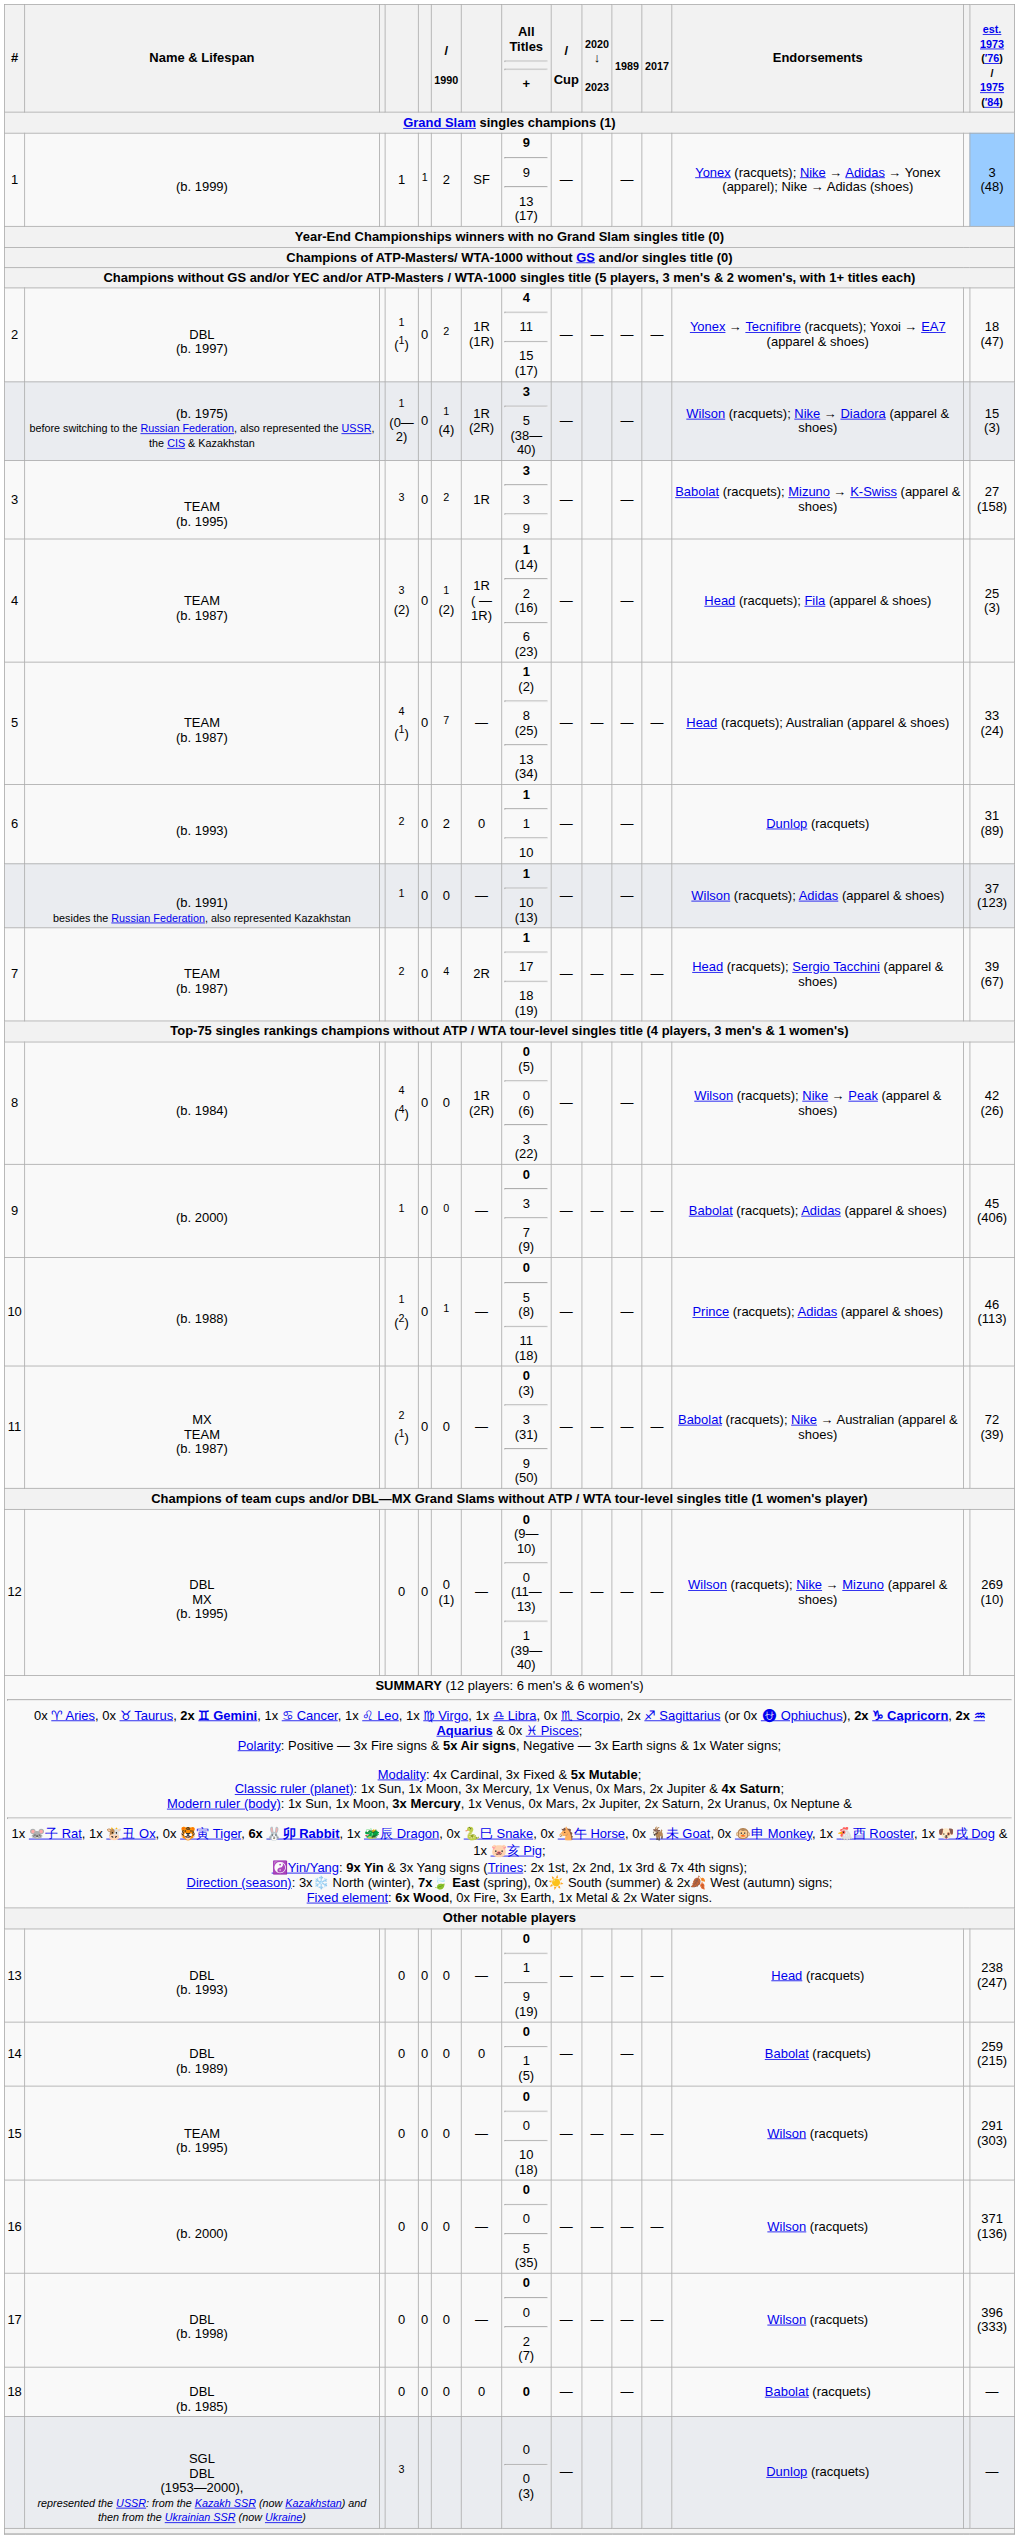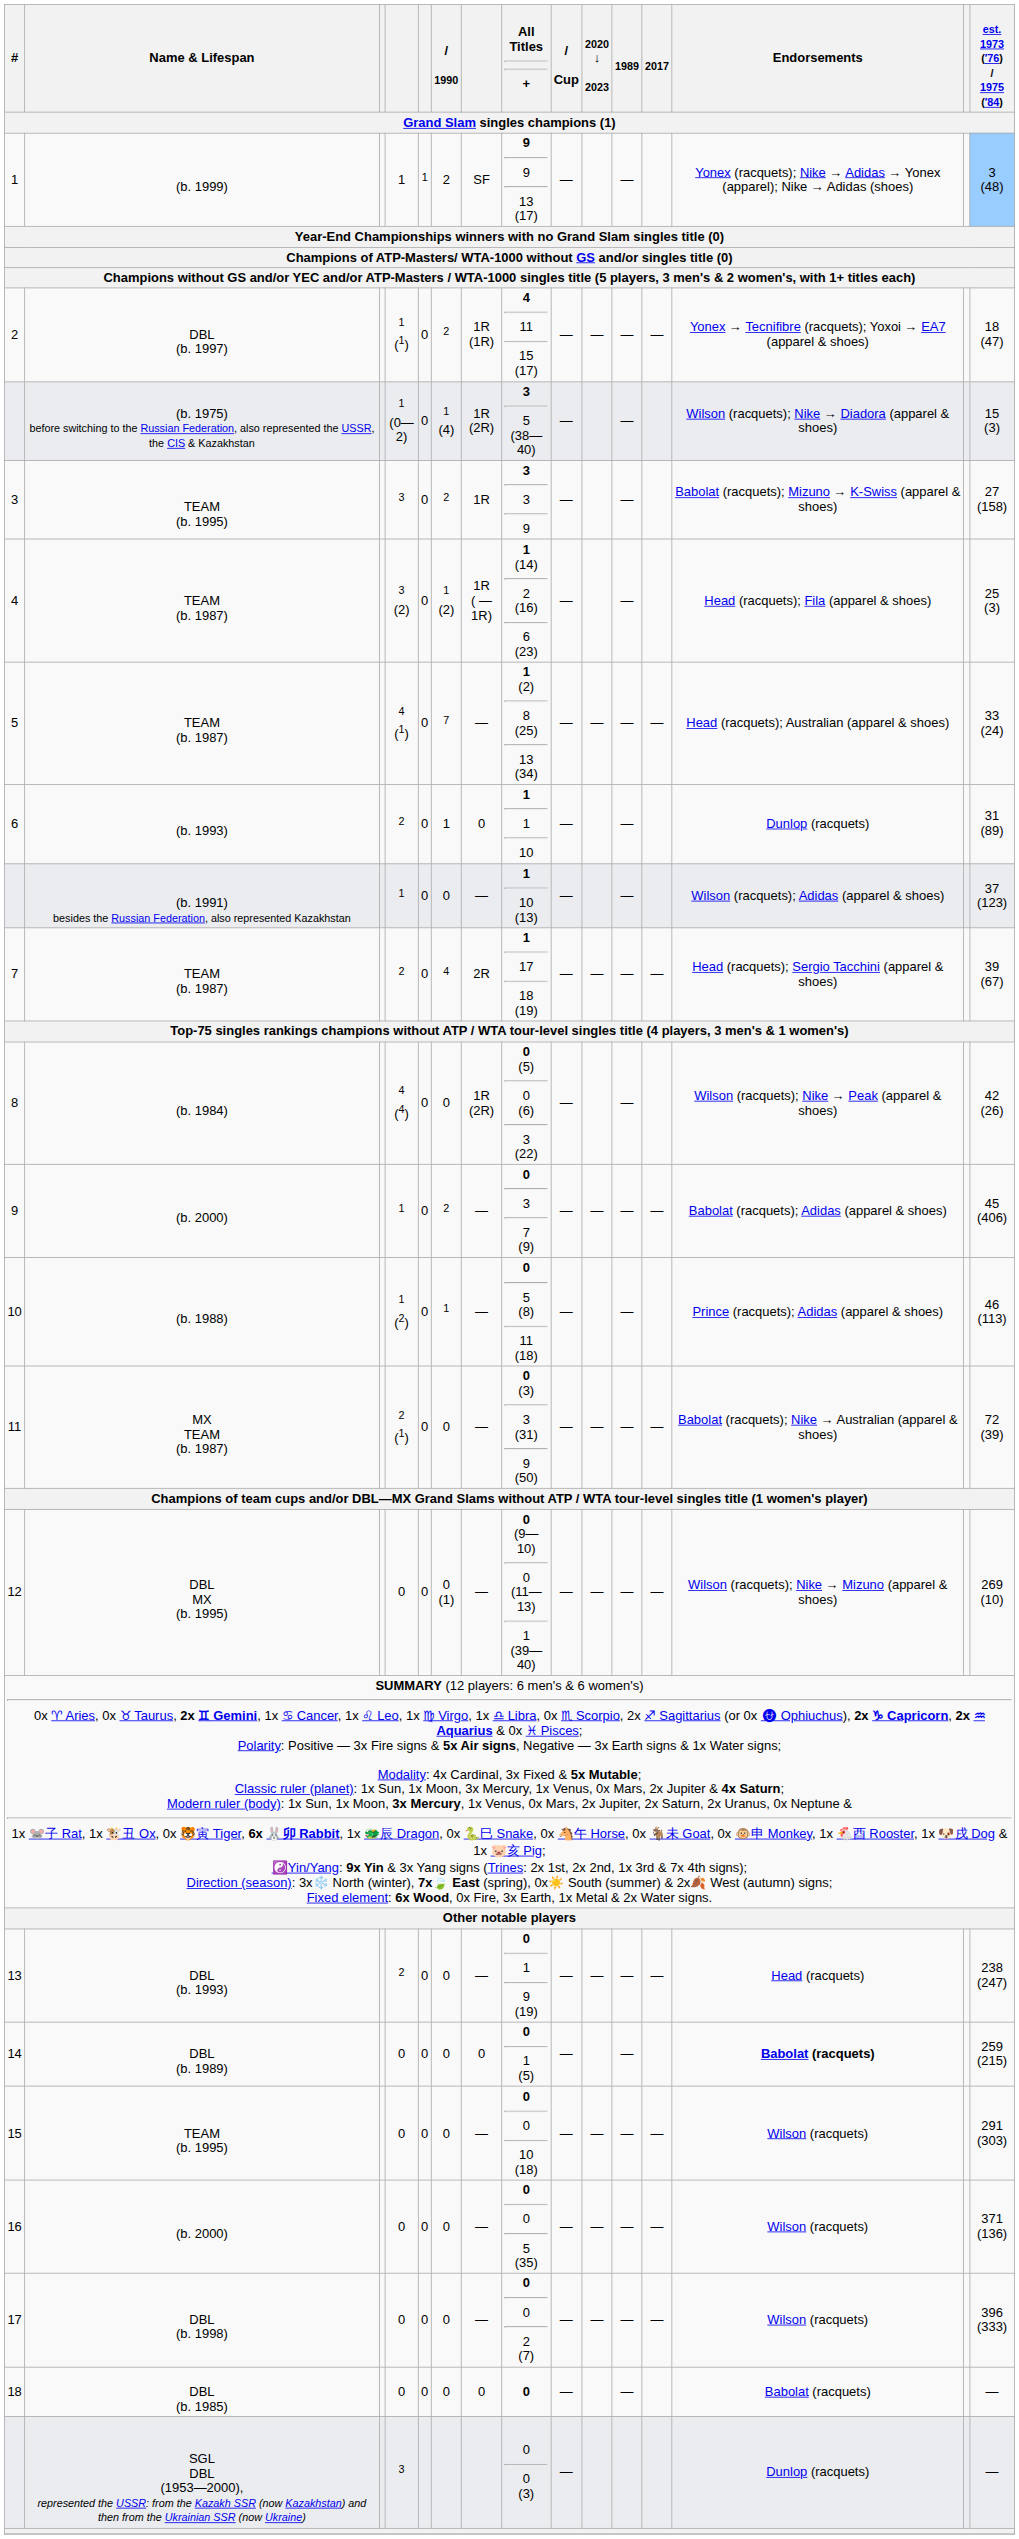 <table class="wikitable sortable" style=text-align:center;>
 <tr>
 <th>#</th>
 <th>Name & Lifespan</th>
 <th></th>
 <th></th>
 <th></th>
 <th><br>/<br><small><a href='#'></a><br> 1990</small></th>
 <th></th>
 <th>All<br>Titles<hr><hr>+ </th>
 <th><br>/<br><br>Cup</th>
 <th><a href='#'></a><br><small> 2020</small><br>↓<br><a href='#'></a><br><small> 2023</small></th>
 <th><a href='#'></a><br><small> 1989<br></small></th>
 <th><a href='#'></a><br><small> 2017<br></small></th>
 <th>Endorsements</th>
 <th><a href='#'></a></th>
 <th><br><small><a href='#'>est. 1973</a><br>(<a href='#'>′76</a>)<br>/<br><a href='#'>1975</a><br>(<a href='#'>′84</a>)</small></th>
 </tr>
 <tr>
 <th class="unsortable" colspan="15"><a href='#'>Grand Slam</a> singles champions (1)</th>
 </tr>
 <tr>
 <td>1</td>
 <td><strong></strong><br>(b. 1999)</td>
 <td> </td>
 <td>1</td>
 <td><sup>1</sup></td>
 <td>2</td>
 <td>SF</td>
 <td><strong>9</strong><hr>9<hr>13<br>(17)</td>
 <td>—</td>
 <td></td>
 <td>—</td>
 <td></td>
 <td><a href='#'>Yonex</a> (racquets); <a href='#'>Nike</a> → <a href='#'>Adidas</a>  → Yonex (apparel);  Nike → Adidas (shoes)</td>
 <td></td>
 <td bgcolor=99ccff>3<br>(48)</td>
 </tr>
 <tr>
 <th class="unsortable" colspan="15">Year-End Championships winners with no Grand Slam singles title (0)</th>
 </tr>
 <tr>
 <th class="unsortable" colspan="15">Champions of ATP-Masters/ WTA-1000 without <a href='#'>GS</a> and/or  singles title (0)</th>
 </tr>
 <tr>
 <th class="unsortable" colspan="15">Champions without GS and/or YEC and/or ATP-Masters / WTA-1000 singles title (5 players, 3 men's & 2 women's, with 1+ titles each)</th>
 </tr>
 <tr>
 <td>2</td>
 <td><strong></strong><br>DBL <br>(b. 1997)</td>
 <td> </td>
 <td><sup>1</sup><br>(<sup>1</sup>)</td>
 <td>0</td>
 <td><sup>2</sup></td>
 <td>1R<br>(1R)</td>
 <td><strong>4</strong><hr>11<hr>15<br>(17)</td>
 <td>—</td>
 <td>—</td>
 <td>—</td>
 <td>—</td>
 <td><a href='#'>Yonex</a> → <a href='#'>Tecnifibre</a> (racquets);  Yoxoi → <a href='#'>EA7</a> (apparel & shoes)</td>
 <td></td>
 <td>18<br>(47)</td>
 </tr>
 <tr>
 <td class="unsortable" bgcolor=#EAECF0></td>
 <td bgcolor=#EAECF0><em></em><br>(b. 1975)<br><small>before switching to the <a href='#'>Russian Federation</a>, also represented the <a href='#'>USSR</a>, the <a href='#'>CIS</a> & Kazakhstan</small></td>
 <td bgcolor=#EAECF0> </td>
 <td bgcolor=#EAECF0><sup>1</sup><br>(0—2)</td>
 <td bgcolor=#EAECF0>0</td>
 <td bgcolor=#EAECF0><sup>1</sup><br>(4)</td>
 <td bgcolor=#EAECF0>1R<br>(2R)</td>
 <td bgcolor=#EAECF0><strong>3</strong><br><hr>5<br>(38—40)</td>
 <td bgcolor=#EAECF0>—</td>
 <td bgcolor=#EAECF0></td>
 <td bgcolor=#EAECF0>—</td>
 <td bgcolor=#EAECF0></td>
 <td bgcolor=#EAECF0><a href='#'>Wilson</a> (racquets); <a href='#'>Nike</a> → <a href='#'>Diadora</a> (apparel & shoes)</td>
 <td bgcolor=#EAECF0></td>
 <td bgcolor=#EAECF0>15<br>(3)</td>
 </tr>
 <tr>
 <td>3</td>
 <td><strong></strong><br><br>TEAM <br>(b. 1995)</td>
 <td> </td>
 <td><sup>3</sup></td>
 <td>0</td>
 <td><sup>2</sup></td>
 <td>1R</td>
 <td><strong>3</strong><hr>3<hr>9</td>
 <td>—</td>
 <td></td>
 <td>—</td>
 <td></td>
 <td><a href='#'>Babolat</a> (racquets);  <a href='#'>Mizuno</a> → <a href='#'>K-Swiss</a> (apparel & shoes)</td>
 <td></td>
 <td>27<br>(158)</td>
 </tr>
 <tr>
 <td>4</td>
 <td><br>TEAM <br>(b. 1987)</td>
 <td> </td>
 <td><sup>3</sup><br>(2)</td>
 <td>0</td>
 <td><sup>1</sup><br>(2)</td>
 <td>1R<br>( —1R)</td>
 <td><strong>1</strong> <br>(14)<hr>2<br>(16)<hr>6<br>(23)</td>
 <td>—</td>
 <td></td>
 <td>—</td>
 <td></td>
 <td><a href='#'>Head</a> (racquets); <a href='#'>Fila</a> (apparel & shoes)</td>
 <td></td>
 <td>25<br>(3)</td>
 </tr>
 <tr>
 <td>5</td>
 <td><strong></strong><br>TEAM <br>(b. 1987)<br></td>
 <td> </td>
 <td><sup>4</sup><br>(<sup>1</sup>)</td>
 <td>0</td>
 <td><sup>7</sup></td>
 <td>—<br></td>
 <td><strong>1</strong> <br>(2)<hr>8<br>(25)<hr>13<br>(34)</td>
 <td>—</td>
 <td>—</td>
 <td>—</td>
 <td>—</td>
 <td><a href='#'>Head</a> (racquets);  Australian (apparel & shoes)</td>
 <td></td>
 <td>33<br>(24)</td>
 </tr>
 <tr>
 <td>6</td>
 <td><strong></strong><br>(b. 1993)</td>
 <td> </td>
 <td><sup>2</sup></td>
 <td>0</td>
-<td>2</td>
+<td>1</td>
 <td>0</td>
 <td><strong>1</strong><hr>1<hr>10</td>
 <td>—</td>
 <td></td>
 <td>—</td>
 <td></td>
 <td><a href='#'>Dunlop</a> (racquets)</td>
 <td></td>
 <td>31<br>(89)</td>
 </tr>
 <tr>
 <td class="unsortable" bgcolor=#EAECF0></td>
 <td bgcolor=#EAECF0><em></em><br><br>(b. 1991)<br><small>besides the <a href='#'>Russian Federation</a>, also represented Kazakhstan</small></td>
 <td bgcolor=#EAECF0> </td>
 <td bgcolor=#EAECF0><sup>1</sup></td>
 <td bgcolor=#EAECF0>0</td>
 <td bgcolor=#EAECF0>0</td>
 <td bgcolor=#EAECF0>—</td>
 <td bgcolor=#EAECF0><strong>1</strong><hr>10<br>(13)</td>
 <td bgcolor=#EAECF0>—</td>
 <td bgcolor=#EAECF0></td>
 <td bgcolor=#EAECF0>—</td>
 <td bgcolor=#EAECF0></td>
 <td bgcolor=#EAECF0><a href='#'>Wilson</a> (racquets); <a href='#'>Adidas</a> (apparel & shoes)</td>
 <td bgcolor=#EAECF0></td>
 <td bgcolor=#EAECF0>37<br>(123)</td>
 </tr>
 <tr>
 <td>7</td>
 <td><strong></strong><br>TEAM <br>(b. 1987)</td>
 <td> </td>
 <td><sup>2</sup></td>
 <td>0</td>
 <td><sup>4</sup></td>
 <td>2R</td>
 <td><strong>1</strong><hr>17<hr>18<br>(19)</td>
 <td>—</td>
 <td>—</td>
 <td>—</td>
 <td>—</td>
 <td><a href='#'>Head</a> (racquets);  <a href='#'>Sergio Tacchini</a> (apparel & shoes)</td>
 <td></td>
 <td>39<br>(67)</td>
 </tr>
 <tr>
 <th class="unsortable" colspan="15">Top-75 singles rankings champions without ATP / WTA tour-level singles title (4 players, 3 men's & 1 women's)</th>
 </tr>
 <tr>
 <td>8</td>
 <td><br>(b. 1984)</td>
 <td> </td>
 <td><sup>4</sup><br>(<sup>4</sup>)</td>
 <td>0</td>
 <td>0</td>
 <td>1R<br>(2R)</td>
 <td><strong>0</strong> <br>(5)<hr>0<br>(6)<hr>3<br>(22)</td>
 <td>—</td>
 <td></td>
 <td>—</td>
 <td></td>
 <td><a href='#'>Wilson</a> (racquets); <a href='#'>Nike</a>  → <a href='#'>Peak</a> (apparel & shoes)</td>
 <td></td>
 <td>42<br>(26)</td>
 </tr>
 <tr>
 <td>9</td>
 <td><strong></strong><br>(b. 2000)</td>
 <td> </td>
 <td><sup>1</sup></td>
 <td>0</td>
-<td><sup>0</sup></td>
+<td><sup>2</sup></td>
 <td>—</td>
 <td><strong>0</strong><hr>3<hr>7<br>(9)</td>
 <td>—</td>
 <td>—</td>
 <td>—</td>
 <td>—</td>
 <td><a href='#'>Babolat</a> (racquets); <a href='#'>Adidas</a>  (apparel & shoes)</td>
 <td></td>
 <td>45<br>(406)</td>
 </tr>
 <tr>
 <td>10</td>
 <td><br>(b. 1988)</td>
 <td> </td>
 <td><sup>1</sup><br>(<sup>2</sup>)</td>
 <td>0</td>
 <td><sup>1</sup></td>
 <td>—</td>
 <td><strong>0</strong><hr>5<br>(8)<hr>11<br>(18)</td>
 <td>—</td>
 <td></td>
 <td>—</td>
 <td></td>
 <td><a href='#'>Prince</a> (racquets); <a href='#'>Adidas</a> (apparel & shoes)</td>
 <td></td>
 <td>46<br>(113)</td>
 </tr>
 <tr>
 <td>11</td>
 <td><strong></strong><br>MX <br>TEAM <br>(b. 1987)</td>
 <td> </td>
 <td><sup>2</sup><br>(<sup>1</sup>)</td>
 <td>0</td>
 <td>0</td>
 <td>—</td>
 <td><strong>0</strong><br>(3)<hr>3<br>(31)<hr>9<br>(50)</td>
 <td>—</td>
 <td>—</td>
 <td>—</td>
 <td>—</td>
 <td><a href='#'>Babolat</a> (racquets);  <a href='#'>Nike</a>  → Australian  (apparel & shoes)</td>
 <td></td>
 <td>72<br>(39)</td>
 </tr>
 <tr>
 <th class="unsortable" colspan="15">Champions of team cups and/or DBL—MX Grand Slams without ATP / WTA tour-level singles title (1 women's player)</th>
 </tr>
 <tr>
 <td>12</td>
 <td><strong></strong><br>DBL <br>MX <br>(b. 1995)</td>
 <td> </td>
 <td>0<br></td>
 <td>0</td>
 <td>0<br>(1)</td>
 <td>—</td>
 <td><strong>0</strong><br>(9—10)<hr>0<br>(11—13)<hr>1<br>(39—40)</td>
 <td>—</td>
 <td>—</td>
 <td>—</td>
 <td>—</td>
 <td><a href='#'>Wilson</a> (racquets);  <a href='#'>Nike</a> → <a href='#'>Mizuno</a> (apparel & shoes)</td>
 <td></td>
 <td>269<br>(10)</td>
 </tr>
 <tr>
 <td class="unsortable" colspan="15"><strong>SUMMARY</strong> (12 players: 6 men's & 6 women's)<hr> 0x <a href='#'>♈︎ Aries</a>, 0x <a href='#'>♉︎ Taurus</a>, <strong>2x <a href='#'>♊︎ Gemini</a></strong>, 1x <a href='#'>♋︎ Cancer</a>, 1x <a href='#'>♌︎ Leo</a>, 1x <a href='#'>♍︎ Virgo</a>, 1x <a href='#'>♎︎ Libra</a>, 0x <a href='#'>♏︎ Scorpio</a>, 2x <a href='#'>♐︎ Sagittarius</a> (or 0x <a href='#'>⛎︎ Ophiuchus</a>), <strong>2x <a href='#'>♑︎ Capricorn</a></strong>, <strong>2x <a href='#'>♒︎ Aquarius</a></strong> & 0x <a href='#'>♓︎ Pisces</a>;<br> <a href='#'>Polarity</a>:  Positive — 3x  Fire signs & <strong>5x  Air signs</strong>, Negative — 3x   Earth signs & 1x  Water signs;<br><br><a href='#'>Modality</a>: 4x  Cardinal, 3x  Fixed & <strong>5x  Mutable</strong>;<br> <a href='#'>Classic ruler (planet)</a>: 1x Sun, 1x Moon, 3x Mercury, 1x Venus, 0x Mars, 2x Jupiter & <strong>4x Saturn</strong>;<br> <a href='#'>Modern ruler (body)</a>: 1x Sun, 1x Moon, <strong>3x Mercury</strong>, 1x Venus, 0x Mars, 2x Jupiter, 2x Saturn, 2x Uranus, 0x Neptune &  <hr> 1x <a href='#'>🐭子 Rat</a>, 1x <a href='#'>🐮丑 Ox</a>, 0x <a href='#'>🐯寅 Tiger</a>, <strong>6x <a href='#'>🐰卯 Rabbit</a></strong>, 1x <a href='#'>🐲辰 Dragon</a>, 0x <a href='#'>🐍巳 Snake</a>, 0x <a href='#'>🐴午 Horse</a>, 0x <a href='#'>🐐未 Goat</a>,  0x <a href='#'>🐵申 Monkey</a>, 1x <a href='#'>🐔酉 Rooster</a>, 1x <a href='#'>🐶戌 Dog</a> & 1x <a href='#'>🐷亥 Pig</a>;<br> <a href='#'>☯️Yin/Yang</a>: <strong>9x Yin</strong> & 3x Yang signs (<a href='#'>Trines</a>: 2x 1st, 2x 2nd, 1x 3rd & 7x 4th signs);<br> <a href='#'>Direction (season)</a>: 3x❄️ North (winter), <strong>7x🍃 East</strong> (spring), 0x☀️ South (summer) & 2x🍂 West (autumn) signs;<br> <a href='#'>Fixed element</a>: <strong>6x Wood</strong>, 0x Fire, 3x Earth, 1x Metal & 2x Water signs.</td>
 </tr>
 <tr>
 <th class="unsortable" colspan="15">Other notable players</th>
 </tr>
 <tr>
 <td>13</td>
 <td><strong></strong><br>DBL <br>(b. 1993)</td>
 <td> </td>
-<td>0</td>
+<td><sup>2</sup></td>
 <td>0</td>
 <td>0</td>
 <td>—</td>
 <td><strong>0</strong><hr>1<hr>9<br>(19)</td>
 <td>—</td>
 <td>—</td>
 <td>—</td>
 <td>—</td>
 <td><a href='#'>Head</a> (racquets)</td>
 <td></td>
 <td>238<br>(247)</td>
 </tr>
 <tr>
 <td>14</td>
 <td><br>DBL <br>(b. 1989)</td>
 <td> </td>
 <td>0</td>
 <td>0</td>
 <td>0</td>
 <td>0</td>
 <td><strong>0</strong><hr>1<br>(5)</td>
 <td>—</td>
 <td></td>
 <td>—</td>
 <td></td>
-<td><a href='#'>Babolat</a> (racquets)</td>
+<td><strong><a href='#'>Babolat</a> (racquets)</strong></td>
 <td></td>
 <td>259<br>(215)</td>
 </tr>
 <tr>
 <td>15</td>
 <td><br>TEAM <br>(b. 1995)</td>
 <td> </td>
 <td>0</td>
 <td>0</td>
 <td>0</td>
 <td>—</td>
 <td><strong>0</strong><hr>0<hr>10<br>(18)</td>
 <td>—</td>
 <td>—</td>
 <td>—</td>
 <td>—</td>
 <td><a href='#'>Wilson</a> (racquets)</td>
 <td></td>
 <td>291<br>(303)</td>
 </tr>
 <tr>
 <td>16</td>
 <td><strong></strong><br>(b. 2000)</td>
 <td> </td>
 <td>0</td>
 <td>0</td>
 <td>0</td>
 <td>—</td>
 <td><strong>0</strong><hr>0<hr>5<br>(35)</td>
 <td>—</td>
 <td>—</td>
 <td>—</td>
 <td>—</td>
 <td><a href='#'>Wilson</a> (racquets)</td>
 <td></td>
 <td>371<br>(136)</td>
 </tr>
 <tr>
 <td>17</td>
 <td><strong></strong><br>DBL <br>(b. 1998)</td>
 <td> </td>
 <td>0</td>
 <td>0</td>
 <td>0</td>
 <td>—</td>
 <td><strong>0</strong><hr>0<hr>2<br>(7)</td>
 <td>—</td>
 <td>—</td>
 <td>—</td>
 <td>—</td>
 <td><a href='#'>Wilson</a> (racquets)</td>
 <td></td>
 <td>396<br>(333)</td>
 </tr>
 <tr>
 <td>18</td>
 <td><br>DBL <br>(b. 1985)</td>
 <td> </td>
 <td>0</td>
 <td>0</td>
 <td>0</td>
 <td>0</td>
 <td><strong>0</strong></td>
 <td>—</td>
 <td></td>
 <td>—</td>
 <td></td>
 <td><a href='#'>Babolat</a> (racquets)</td>
 <td></td>
 <td>—</td>
 </tr>
 <tr>
 <td class="unsortable" bgcolor=#EAECF0></td>
 <td bgcolor=#EAECF0><em></em><br><sup> </sup><br>SGL <br>DBL <br>(1953—2000),<br><small><em>represented the <a href='#'>USSR</a>: from the <a href='#'>Kazakh SSR</a> (now <a href='#'>Kazakhstan</a>) and then from the <a href='#'>Ukrainian SSR</a> (now <a href='#'>Ukraine</a>)</em></small></td>
 <td bgcolor=#EAECF0> </td>
 <td bgcolor=#EAECF0><sup>3</sup></td>
 <td bgcolor=#EAECF0></td>
 <td bgcolor=#EAECF0></td>
 <td bgcolor=#EAECF0></td>
 <td bgcolor=#EAECF0>0<hr>0<br>(3)</td>
 <td bgcolor=#EAECF0>—</td>
 <td bgcolor=#EAECF0></td>
 <td bgcolor=#EAECF0></td>
 <td bgcolor=#EAECF0></td>
 <td bgcolor=#EAECF0><a href='#'>Dunlop</a> (racquets)</td>
 <td bgcolor=#EAECF0></td>
 <td bgcolor=#EAECF0>—</td>
 </tr>
 <tr>
 <th class="unsortable" colspan="15"></th>
 </tr>
 <tr>
 </tr>
 </table>
